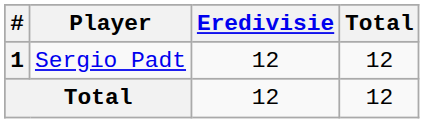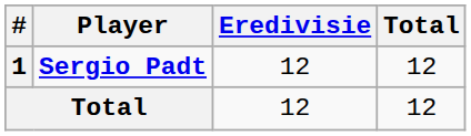 <table class="wikitable" style="text-align:center;">
 <tr>
 <th>#</th>
 <th>Player</th>
 <th><a href='#'>Eredivisie</a></th>
 <th>Total</th>
 </tr>
 <tr>
 <th>1</th>
-<td align="left"> <a href='#'>Sergio Padt</a></td>
+<td align="left"><strong> <a href='#'>Sergio Padt</a></strong></td>
 <td>12</td>
 <td>12</td>
 </tr>
 <tr>
 <th colspan="2">Total</th>
 <td>12</td>
 <td>12</td>
 </tr>
 </table>
